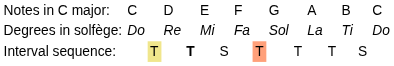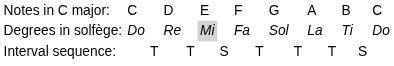 <table border=0 cellspacing=0 cellpadding=3>
 <tr>
 <td> </td>
 <td>Notes in C major:</td>
 <td>C</td>
 <td> </td>
 <td>D</td>
 <td> </td>
 <td>E</td>
 <td> </td>
 <td>F</td>
 <td> </td>
 <td>G</td>
 <td> </td>
 <td>A</td>
 <td> </td>
 <td>B</td>
 <td> </td>
 <td>C</td>
 </tr>
 <tr>
 <td> </td>
 <td>Degrees in solfège:</td>
 <td><em>Do</em></td>
 <td> </td>
 <td><em>Re</em></td>
 <td> </td>
-<td><em>Mi</em></td>
+<td style="background: lightgrey;"><em>Mi</em></td>
 <td> </td>
 <td><em>Fa</em></td>
 <td> </td>
 <td><em>Sol</em></td>
 <td> </td>
 <td><em>La</em></td>
 <td> </td>
 <td><em>Ti</em></td>
 <td> </td>
 <td><em>Do</em></td>
 </tr>
 <tr>
 <td> </td>
 <td>Interval sequence:</td>
 <td> </td>
-<td style="background: khaki;">T</td>
+<td>T</td>
 <td> </td>
-<td><strong>T</strong></td>
+<td>T</td>
 <td> </td>
 <td>S</td>
 <td> </td>
-<td style="background: lightsalmon;">T</td>
+<td>T</td>
 <td> </td>
 <td>T</td>
 <td> </td>
 <td>T</td>
 <td> </td>
 <td>S</td>
 <td> </td>
 </tr>
 </table>
